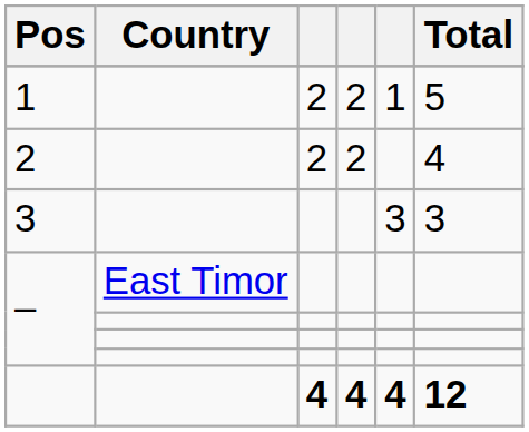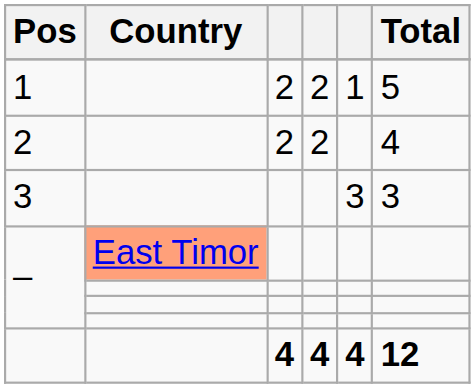 <table class="wikitable">
 <tr>
 <th>Pos</th>
 <th>Country</th>
 <th bgcolor="gold"></th>
 <th bgcolor="silver"></th>
 <th bgcolor="CC9966"></th>
 <th>Total</th>
 </tr>
 <tr>
 </tr>
 <tr>
 <td>1</td>
 <td></td>
 <td>2</td>
 <td>2</td>
 <td>1</td>
 <td>5</td>
 </tr>
 <tr>
 <td>2</td>
 <td></td>
 <td>2</td>
 <td>2</td>
 <td></td>
 <td>4</td>
 </tr>
 <tr>
 <td>3</td>
 <td></td>
 <td></td>
 <td></td>
 <td>3</td>
 <td>3</td>
 </tr>
 <tr>
 <td rowspan=4>–</td>
-<td> <a href='#'>East Timor</a></td>
+<td style="background: lightsalmon;"> <a href='#'>East Timor</a></td>
 <td></td>
 <td></td>
 <td></td>
 <td></td>
 </tr>
 <tr>
 <td></td>
 <td></td>
 <td></td>
 <td></td>
 <td></td>
 </tr>
 <tr>
 <td></td>
 <td></td>
 <td></td>
 <td></td>
 <td></td>
 </tr>
 <tr>
 <td></td>
 <td></td>
 <td></td>
 <td></td>
 <td></td>
 </tr>
 <tr>
 <td></td>
 <td></td>
 <td><strong>4</strong></td>
 <td><strong>4</strong></td>
 <td><strong>4</strong></td>
 <td><strong>12</strong></td>
 </tr>
 </table>
